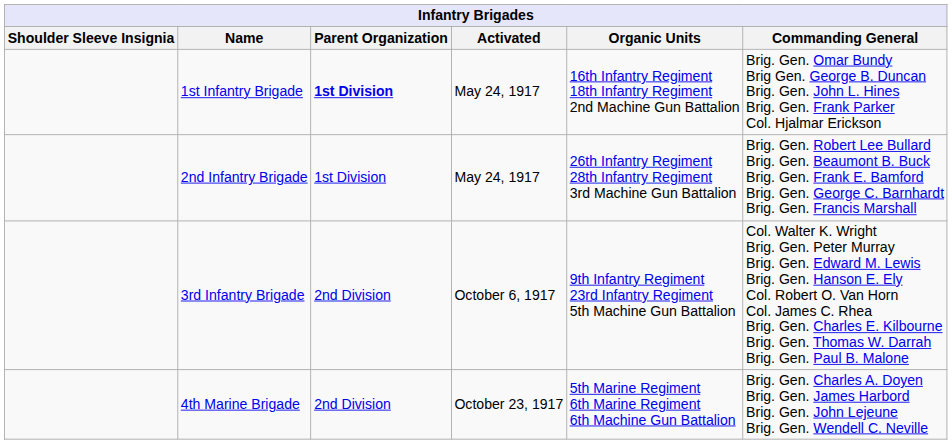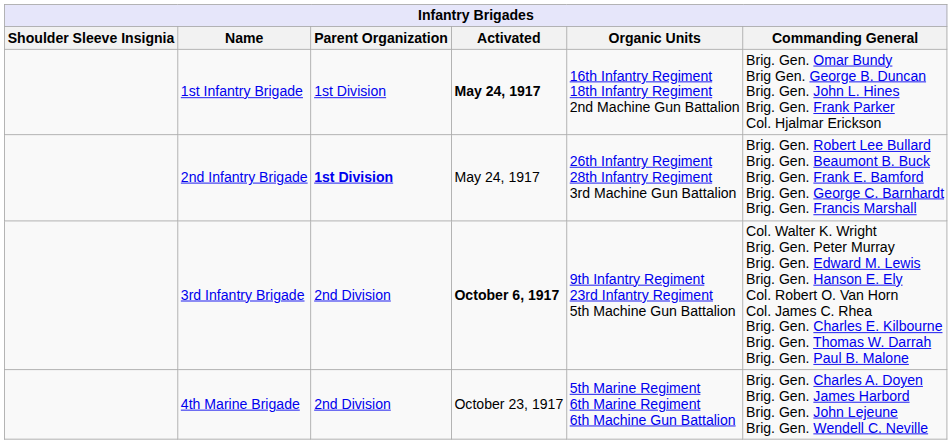 <table class="wikitable">
 <tr>
 <th style="align: center; background: lavender;" colspan="9">Infantry Brigades</th>
 </tr>
 <tr>
 <th style="text-align: center; ">Shoulder Sleeve Insignia</th>
 <th style="text-align: center; ">Name</th>
 <th style="text-align: center; ">Parent Organization</th>
 <th style="text-align: center; ">Activated</th>
 <th style="text-align: center; ">Organic Units</th>
 <th style="text-align: center; ">Commanding General</th>
 </tr>
 <tr>
 <td></td>
 <td><a href='#'>1st Infantry Brigade</a></td>
-<td><strong><a href='#'>1st Division</a></strong></td>
-<td>May 24, 1917</td>
+<td><a href='#'>1st Division</a></td>
+<td><strong>May 24, 1917</strong></td>
 <td><a href='#'>16th Infantry Regiment</a><br><a href='#'>18th Infantry Regiment</a><br>2nd Machine Gun Battalion</td>
 <td>Brig. Gen. <a href='#'>Omar Bundy</a><br>Brig Gen. <a href='#'>George B. Duncan</a><br>Brig. Gen. <a href='#'>John L. Hines</a><br>Brig. Gen. <a href='#'>Frank Parker</a><br>Col. Hjalmar Erickson</td>
 </tr>
 <tr>
 <td></td>
 <td><a href='#'>2nd Infantry Brigade</a></td>
-<td><a href='#'>1st Division</a></td>
+<td><strong><a href='#'>1st Division</a></strong></td>
 <td>May 24, 1917</td>
 <td><a href='#'>26th Infantry Regiment</a><br><a href='#'>28th Infantry Regiment</a><br>3rd Machine Gun Battalion</td>
 <td>Brig. Gen. <a href='#'>Robert Lee Bullard</a><br>Brig. Gen. <a href='#'>Beaumont B. Buck</a><br>Brig. Gen. <a href='#'>Frank E. Bamford</a><br>Brig. Gen. <a href='#'>George C. Barnhardt</a><br>Brig. Gen. <a href='#'>Francis Marshall</a></td>
 </tr>
 <tr>
 <td></td>
 <td><a href='#'>3rd Infantry Brigade</a></td>
 <td><a href='#'>2nd Division</a></td>
-<td>October 6, 1917</td>
+<td><strong>October 6, 1917</strong></td>
 <td><a href='#'>9th Infantry Regiment</a><br><a href='#'>23rd Infantry Regiment</a><br>5th Machine Gun Battalion</td>
 <td>Col. Walter K. Wright<br>Brig. Gen. Peter Murray<br>Brig. Gen. <a href='#'>Edward M. Lewis</a><br>Brig. Gen. <a href='#'>Hanson E. Ely</a><br>Col. Robert O. Van Horn<br>Col. James C. Rhea<br>Brig. Gen. <a href='#'>Charles E. Kilbourne</a><br>Brig. Gen. <a href='#'>Thomas W. Darrah</a><br>Brig. Gen. <a href='#'>Paul B. Malone</a></td>
 </tr>
 <tr>
 <td></td>
 <td><a href='#'>4th Marine Brigade</a></td>
 <td><a href='#'>2nd Division</a></td>
 <td>October 23, 1917</td>
 <td><a href='#'>5th Marine Regiment</a><br><a href='#'>6th Marine Regiment</a><br><a href='#'>6th Machine Gun Battalion</a></td>
 <td>Brig. Gen. <a href='#'>Charles A. Doyen</a><br>Brig. Gen. <a href='#'>James Harbord</a><br>Brig. Gen. <a href='#'>John Lejeune</a><br>Brig. Gen. <a href='#'>Wendell C. Neville</a></td>
 </tr>
 </table>
